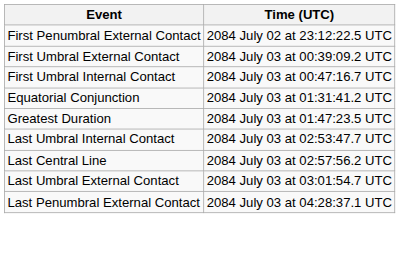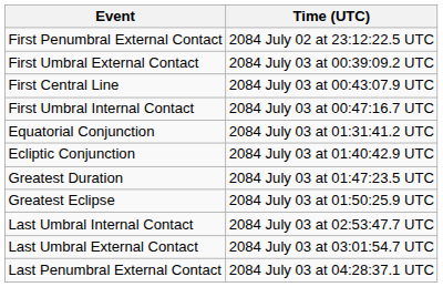 <table class="wikitable">
 <tr>
 <th>Event</th>
 <th>Time (UTC)</th>
 </tr>
 <tr>
 <td>First Penumbral External Contact</td>
 <td>2084 July 02 at 23:12:22.5 UTC</td>
 </tr>
 <tr>
 <td>First Umbral External Contact</td>
 <td>2084 July 03 at 00:39:09.2 UTC</td>
 </tr>
 <tr>
+<td>First Central Line</td>
+<td>2084 July 03 at 00:43:07.9 UTC</td>
+</tr>
+<tr>
 <td>First Umbral Internal Contact</td>
 <td>2084 July 03 at 00:47:16.7 UTC</td>
 </tr>
 <tr>
 <td>Equatorial Conjunction</td>
 <td>2084 July 03 at 01:31:41.2 UTC</td>
 </tr>
 <tr>
+<td>Ecliptic Conjunction</td>
+<td>2084 July 03 at 01:40:42.9 UTC</td>
+</tr>
+<tr>
 <td>Greatest Duration</td>
 <td>2084 July 03 at 01:47:23.5 UTC</td>
 </tr>
 <tr>
+<td>Greatest Eclipse</td>
+<td>2084 July 03 at 01:50:25.9 UTC</td>
+</tr>
+<tr>
 <td>Last Umbral Internal Contact</td>
 <td>2084 July 03 at 02:53:47.7 UTC</td>
-</tr>
-<tr>
-<td>Last Central Line</td>
-<td>2084 July 03 at 02:57:56.2 UTC</td>
 </tr>
 <tr>
 <td>Last Umbral External Contact</td>
 <td>2084 July 03 at 03:01:54.7 UTC</td>
 </tr>
 <tr>
 <td>Last Penumbral External Contact</td>
 <td>2084 July 03 at 04:28:37.1 UTC</td>
 </tr>
 </table>
